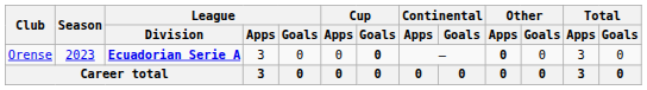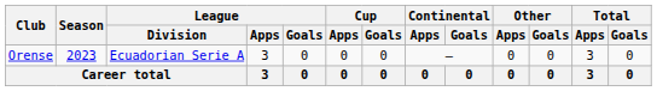 <table class=wikitable style=text-align:center>
 <tr>
 <th rowspan=2>Club</th>
 <th rowspan=2>Season</th>
 <th colspan=3>League</th>
 <th colspan=2>Cup</th>
 <th colspan=2>Continental</th>
 <th colspan=2>Other</th>
 <th colspan=2>Total</th>
 </tr>
 <tr>
 <th>Division</th>
 <th>Apps</th>
 <th>Goals</th>
 <th>Apps</th>
 <th>Goals</th>
 <th>Apps</th>
 <th>Goals</th>
 <th>Apps</th>
 <th>Goals</th>
 <th>Apps</th>
 <th>Goals</th>
 </tr>
 <tr>
 <td><a href='#'>Orense</a></td>
 <td><a href='#'>2023</a></td>
-<td><strong><a href='#'>Ecuadorian Serie A</a></strong></td>
+<td><a href='#'>Ecuadorian Serie A</a></td>
 <td>3</td>
 <td>0</td>
 <td>0</td>
-<td><strong>0</strong></td>
+<td>0</td>
 <td colspan="2">–</td>
-<td><strong>0</strong></td>
+<td>0</td>
 <td>0</td>
 <td>3</td>
 <td>0</td>
 </tr>
 <tr>
 <th colspan="3"><strong>Career total</strong></th>
 <th>3</th>
 <th>0</th>
 <th>0</th>
 <th>0</th>
 <th>0</th>
 <th>0</th>
 <th>0</th>
 <th>0</th>
 <th>3</th>
 <th>0</th>
 </tr>
 </table>
